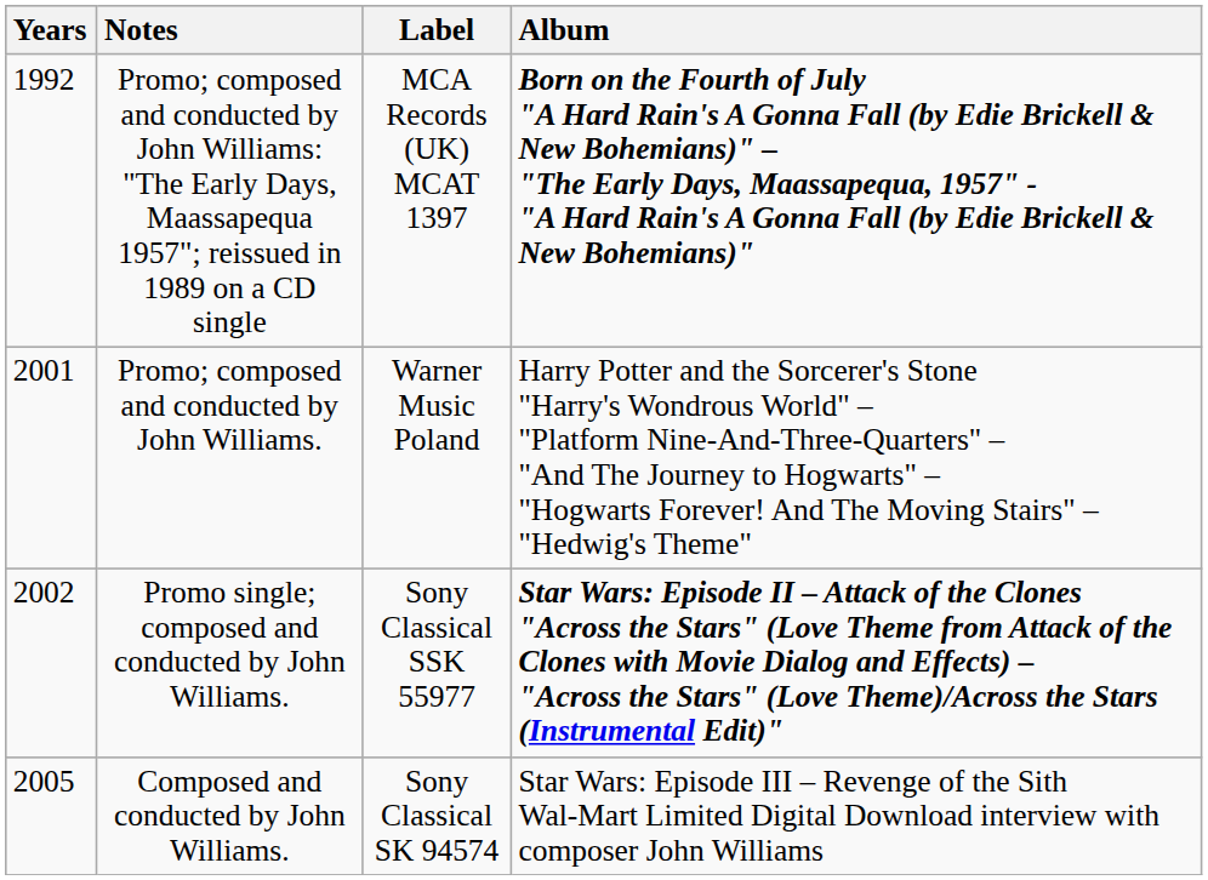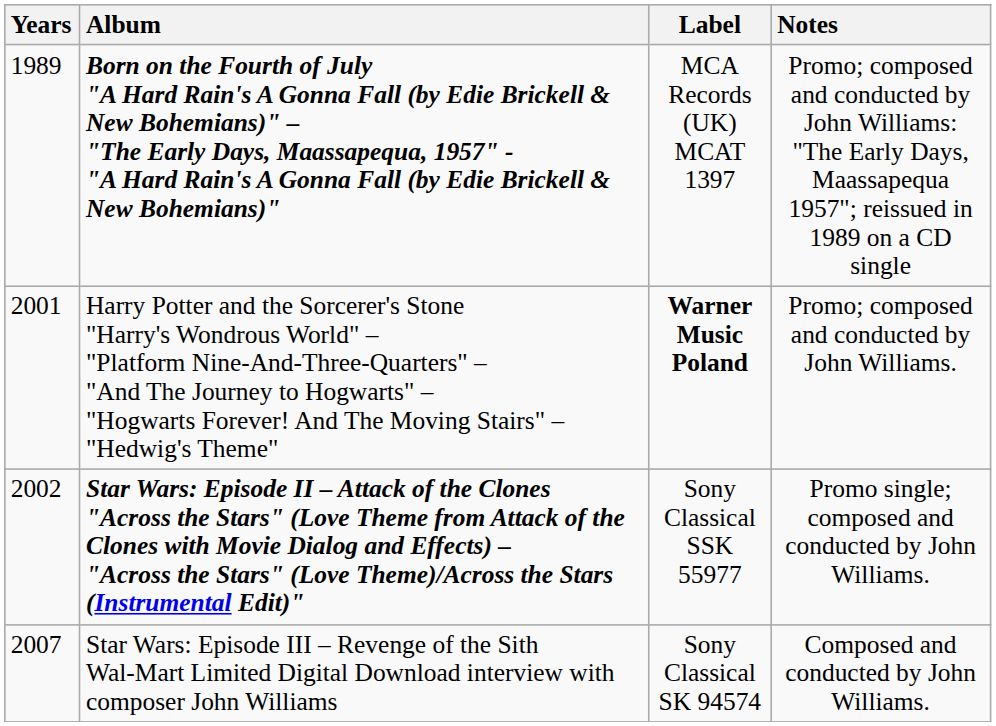 <table class="wikitable">
 <tr>
 <th style="vertical-align:top; text-align:left; width:40px;">Years</th>
+<th style="vertical-align:top; text-align:left; width:350px;">Album</th>
+<th style="vertical-align:top; text-align:center; width:70px;">Label</th>
 <th style="vertical-align:top; text-align:left; width:130px;">Notes</th>
-<th style="vertical-align:top; text-align:center; width:70px;">Label</th>
-<th style="vertical-align:top; text-align:left; width:350px;">Album</th>
 </tr>
 <tr style="vertical-align:top;">
-<td style="text-align:left; ">1992</td>
+<td style="text-align:left; ">1989</td>
+<td style="text-align:left; "><strong><em>Born on the Fourth of July<em><strong><br>"A Hard Rain's A Gonna Fall (by Edie Brickell & New Bohemians)" –<br>"The Early Days, Maassapequa, 1957" -<br>"A Hard Rain's A Gonna Fall (by Edie Brickell & New Bohemians)"</td>
+<td style="text-align:center; ">MCA Records (UK) MCAT 1397</td>
 <td style="text-align:center; ">Promo; composed and conducted by John Williams: "The Early Days, Maassapequa 1957"; reissued in 1989 on a CD single</td>
-<td style="text-align:center; ">MCA Records (UK) MCAT 1397</td>
-<td style="text-align:left; "><strong><em>Born on the Fourth of July<em><strong><br>"A Hard Rain's A Gonna Fall (by Edie Brickell & New Bohemians)" –<br>"The Early Days, Maassapequa, 1957" -<br>"A Hard Rain's A Gonna Fall (by Edie Brickell & New Bohemians)"</td>
 </tr>
 <tr style="vertical-align:top;">
 <td style="text-align:left; ">2001</td>
+<td style="text-align:left; "></em></strong>Harry Potter and the Sorcerer's Stone</em></strong><br>"Harry's Wondrous World" –<br>"Platform Nine-And-Three-Quarters" –<br>"And The Journey to Hogwarts" –<br>"Hogwarts Forever! And The Moving Stairs" –<br>"Hedwig's Theme"</td>
+<td style="text-align:center; "><strong>Warner Music Poland</strong></td>
 <td style="text-align:center; ">Promo; composed and conducted by John Williams.</td>
-<td style="text-align:center; ">Warner Music Poland</td>
-<td style="text-align:left; "></em></strong>Harry Potter and the Sorcerer's Stone</em></strong><br>"Harry's Wondrous World" –<br>"Platform Nine-And-Three-Quarters" –<br>"And The Journey to Hogwarts" –<br>"Hogwarts Forever! And The Moving Stairs" –<br>"Hedwig's Theme"</td>
 </tr>
 <tr style="vertical-align:top;">
 <td style="text-align:left; ">2002</td>
+<td style="text-align:left; "><strong><em>Star Wars: Episode II – Attack of the Clones<em><strong><br>"Across the Stars" (Love Theme from Attack of the Clones with Movie Dialog and Effects) –<br>"Across the Stars" (Love Theme)/Across the Stars (<a href='#'>Instrumental</a> Edit)"</td>
+<td style="text-align:center; ">Sony Classical SSK 55977</td>
 <td style="text-align:center; ">Promo single; composed and conducted by John Williams.</td>
-<td style="text-align:center; ">Sony Classical SSK 55977</td>
-<td style="text-align:left; "><strong><em>Star Wars: Episode II – Attack of the Clones<em><strong><br>"Across the Stars" (Love Theme from Attack of the Clones with Movie Dialog and Effects) –<br>"Across the Stars" (Love Theme)/Across the Stars (<a href='#'>Instrumental</a> Edit)"</td>
 </tr>
 <tr style="vertical-align:top;">
-<td style="text-align:left; ">2005</td>
+<td style="text-align:left; ">2007</td>
+<td style="text-align:left; "></em></strong>Star Wars: Episode III – Revenge of the Sith</em></strong><br>Wal-Mart Limited Digital Download interview with composer John Williams</td>
+<td style="text-align:center; ">Sony Classical SK 94574</td>
 <td style="text-align:center; ">Composed and conducted by John Williams.</td>
-<td style="text-align:center; ">Sony Classical SK 94574</td>
-<td style="text-align:left; "></em></strong>Star Wars: Episode III – Revenge of the Sith</em></strong><br>Wal-Mart Limited Digital Download interview with composer John Williams</td>
 </tr>
 </table>
